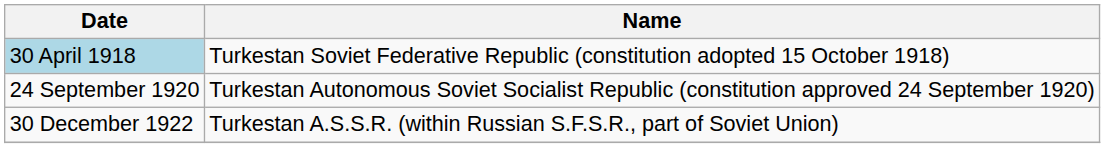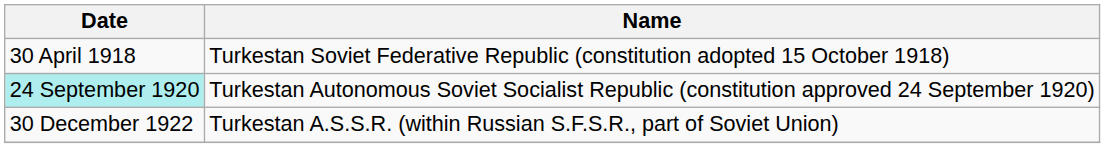 <table class="wikitable sortable">
 <tr>
 <th>Date</th>
 <th bgcolor=#dddddd>Name</th>
 </tr>
 <tr ---->
-<td style="background: lightblue;">30 April 1918</td>
+<td>30 April 1918</td>
 <td>Turkestan Soviet Federative Republic (constitution adopted 15 October 1918)</td>
 </tr>
 <tr ---->
-<td>24 September 1920</td>
+<td style="background: paleturquoise;">24 September 1920</td>
 <td>Turkestan Autonomous Soviet Socialist Republic (constitution approved 24 September 1920)</td>
 </tr>
 <tr ---->
 <td>30 December 1922</td>
 <td>Turkestan A.S.S.R. (within Russian S.F.S.R., part of Soviet Union)</td>
 </tr>
 <tr ---->
 </tr>
 </table>
